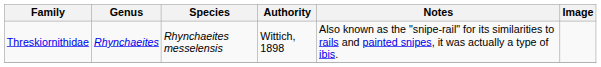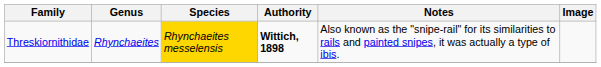 <table class="wikitable" align="center" width="100%">
 <tr>
 <th>Family</th>
 <th>Genus</th>
 <th>Species</th>
 <th>Authority</th>
 <th>Notes</th>
 <th>Image</th>
 </tr>
 <tr>
 <td><a href='#'>Threskiornithidae</a></td>
 <td><em><a href='#'>Rhynchaeites</a></em></td>
-<td><em>Rhynchaeites messelensis</em></td>
-<td>Wittich, 1898</td>
+<td style="background: gold;"><em>Rhynchaeites messelensis</em></td>
+<td><strong>Wittich, 1898</strong></td>
 <td>Also known as the "snipe-rail" for its similarities to <a href='#'>rails</a> and <a href='#'>painted snipes</a>, it was actually a type of <a href='#'>ibis</a>.</td>
 <td></td>
 </tr>
 <tr>
 </tr>
 </table>
